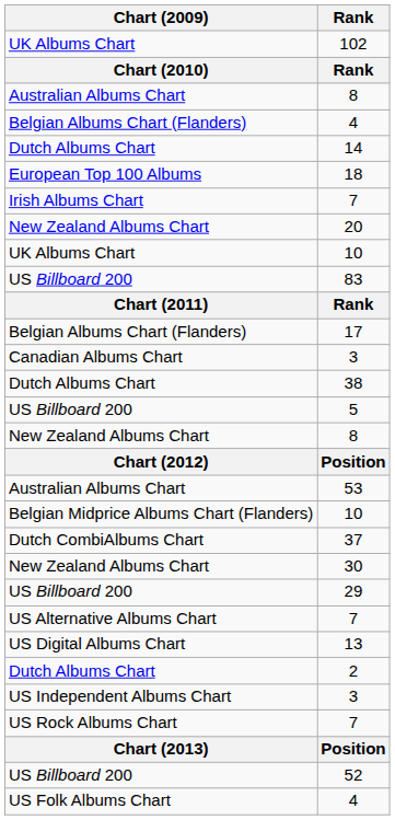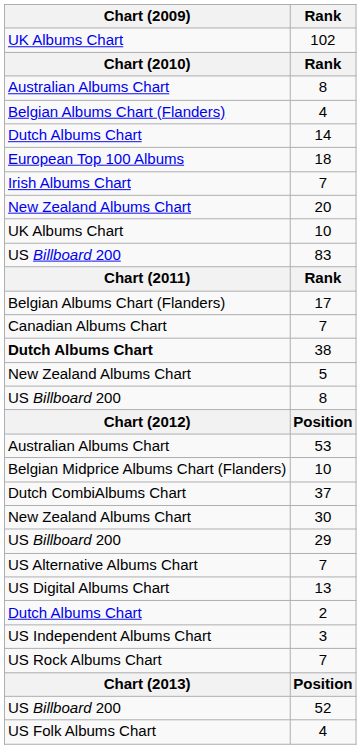 <table class="wikitable">
 <tr>
 <th>Chart (2009)</th>
 <th>Rank</th>
 </tr>
 <tr>
 <td><a href='#'>UK Albums Chart</a></td>
 <td style="text-align:center;">102</td>
 </tr>
 <tr>
 <th>Chart (2010)</th>
 <th>Rank</th>
 </tr>
 <tr>
 <td><a href='#'>Australian Albums Chart</a></td>
 <td style="text-align:center;">8</td>
 </tr>
 <tr>
 <td><a href='#'>Belgian Albums Chart (Flanders)</a></td>
 <td style="text-align:center;">4</td>
 </tr>
 <tr>
 <td><a href='#'>Dutch Albums Chart</a></td>
 <td style="text-align:center;">14</td>
 </tr>
 <tr>
 <td><a href='#'>European Top 100 Albums</a></td>
 <td style="text-align:center;">18</td>
 </tr>
 <tr>
 <td><a href='#'>Irish Albums Chart</a></td>
 <td style="text-align:center;">7</td>
 </tr>
 <tr>
 <td><a href='#'>New Zealand Albums Chart</a></td>
 <td style="text-align:center;">20</td>
 </tr>
 <tr>
 <td>UK Albums Chart</td>
 <td style="text-align:center;">10</td>
 </tr>
 <tr>
 <td>US <a href='#'><em>Billboard</em> 200</a></td>
 <td style="text-align:center;">83</td>
 </tr>
 <tr>
 <th>Chart (2011)</th>
 <th>Rank</th>
 </tr>
 <tr>
 <td>Belgian Albums Chart (Flanders)</td>
 <td style="text-align:center;">17</td>
 </tr>
 <tr>
 <td>Canadian Albums Chart</td>
-<td style="text-align:center;">3</td>
+<td style="text-align:center;">7</td>
 </tr>
 <tr>
-<td>Dutch Albums Chart</td>
+<td><strong>Dutch Albums Chart</strong></td>
 <td style="text-align:center;">38</td>
 </tr>
 <tr>
-<td>US <em>Billboard</em> 200</td>
+<td>New Zealand Albums Chart</td>
 <td style="text-align:center;">5</td>
 </tr>
 <tr>
-<td>New Zealand Albums Chart</td>
+<td>US <em>Billboard</em> 200</td>
 <td style="text-align:center;">8</td>
 </tr>
 <tr>
 <th>Chart (2012)</th>
 <th>Position</th>
 </tr>
 <tr>
 <td>Australian Albums Chart</td>
 <td style="text-align:center;">53</td>
 </tr>
 <tr>
 <td>Belgian Midprice Albums Chart (Flanders)</td>
 <td style="text-align:center;">10</td>
 </tr>
 <tr>
 <td>Dutch CombiAlbums Chart</td>
 <td style="text-align:center;">37</td>
 </tr>
 <tr>
 <td>New Zealand Albums Chart</td>
 <td style="text-align:center;">30</td>
 </tr>
 <tr>
 <td>US <em>Billboard</em> 200</td>
 <td style="text-align:center;">29</td>
 </tr>
 <tr>
 <td>US Alternative Albums Chart</td>
 <td style="text-align:center;">7</td>
 </tr>
 <tr>
 <td>US Digital Albums Chart</td>
 <td style="text-align:center;">13</td>
 </tr>
 <tr>
 <td><a href='#'>Dutch Albums Chart</a></td>
 <td style="text-align:center;">2</td>
 </tr>
 <tr>
 <td>US Independent Albums Chart</td>
 <td style="text-align:center;">3</td>
 </tr>
 <tr>
 <td>US Rock Albums Chart</td>
 <td style="text-align:center;">7</td>
 </tr>
 <tr>
 <th scope="col">Chart (2013)</th>
 <th scope="col">Position</th>
 </tr>
 <tr>
 <td>US <em>Billboard</em> 200</td>
 <td style="text-align:center;">52</td>
 </tr>
 <tr>
 <td>US Folk Albums Chart</td>
 <td style="text-align:center;">4</td>
 </tr>
 </table>
